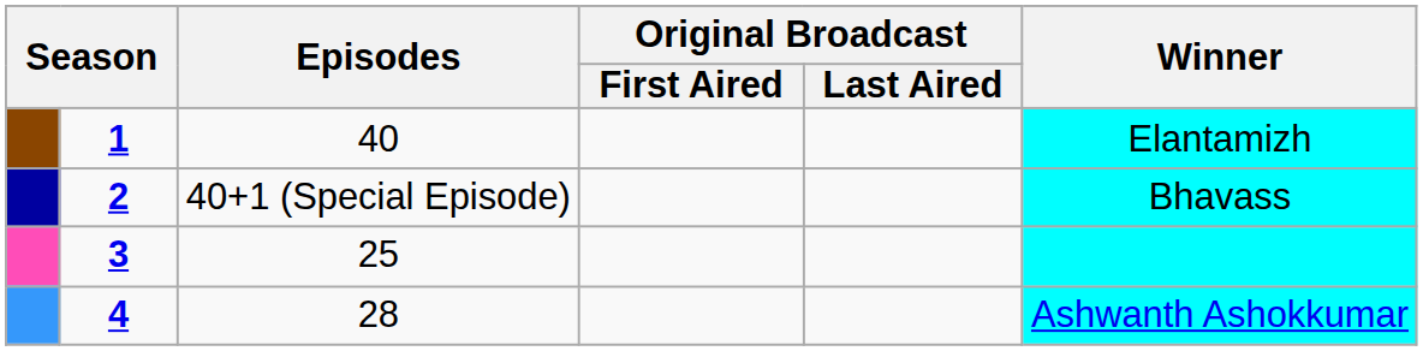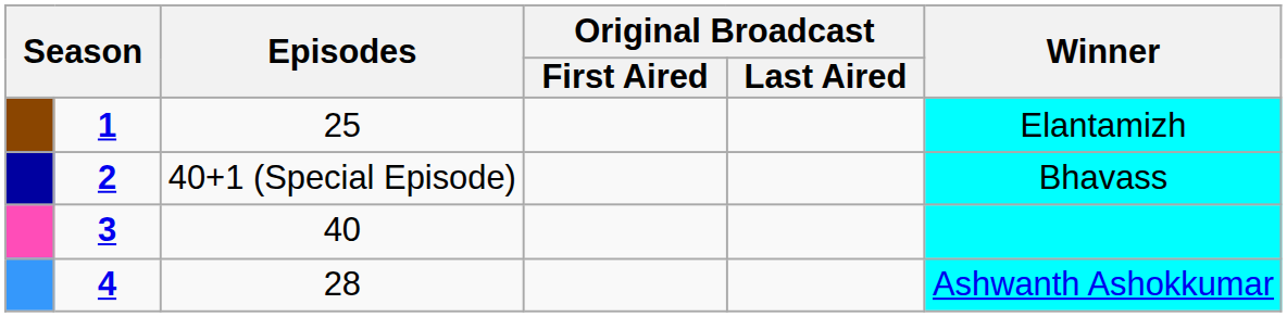 <table class="wikitable" style="text-align:center">
 <tr>
 <th style="padding: 0 8px" colspan="2" rowspan="2">Season</th>
 <th style="padding: 0 8px" rowspan="2">Episodes</th>
 <th colspan="2">Original Broadcast</th>
 <th rowspan="2">Winner</th>
 </tr>
 <tr>
 <th style="padding: 0 8px">First Aired</th>
 <th style="padding: 0 8px">Last Aired</th>
 </tr>
 <tr>
 <td style="background:#8A4500"></td>
 <td align="center"><strong><a href='#'>1</a></strong></td>
-<td>40</td>
+<td>25</td>
 <td align="center"></td>
 <td></td>
 <td style="background:cyan;">Elantamizh</td>
 </tr>
 <tr>
 <td style="background:#0000A0"></td>
 <td align="center"><strong><a href='#'>2</a></strong></td>
 <td>40+1 (Special Episode)</td>
 <td align="center"></td>
 <td></td>
 <td style="background:cyan;">Bhavass</td>
 </tr>
 <tr>
 <td style="background:#FF4DB8"></td>
 <td align="center"><strong><a href='#'>3</a></strong></td>
-<td>25</td>
+<td>40</td>
 <td align="center"></td>
 <td></td>
 <td style="background:cyan;"></td>
 </tr>
 <tr>
 <td style="background:#3598FB"></td>
 <td align="center"><strong><a href='#'>4</a></strong></td>
 <td>28</td>
 <td align="center"></td>
 <td></td>
 <td style="background:cyan;"><a href='#'>Ashwanth Ashokkumar</a></td>
 </tr>
 </table>
